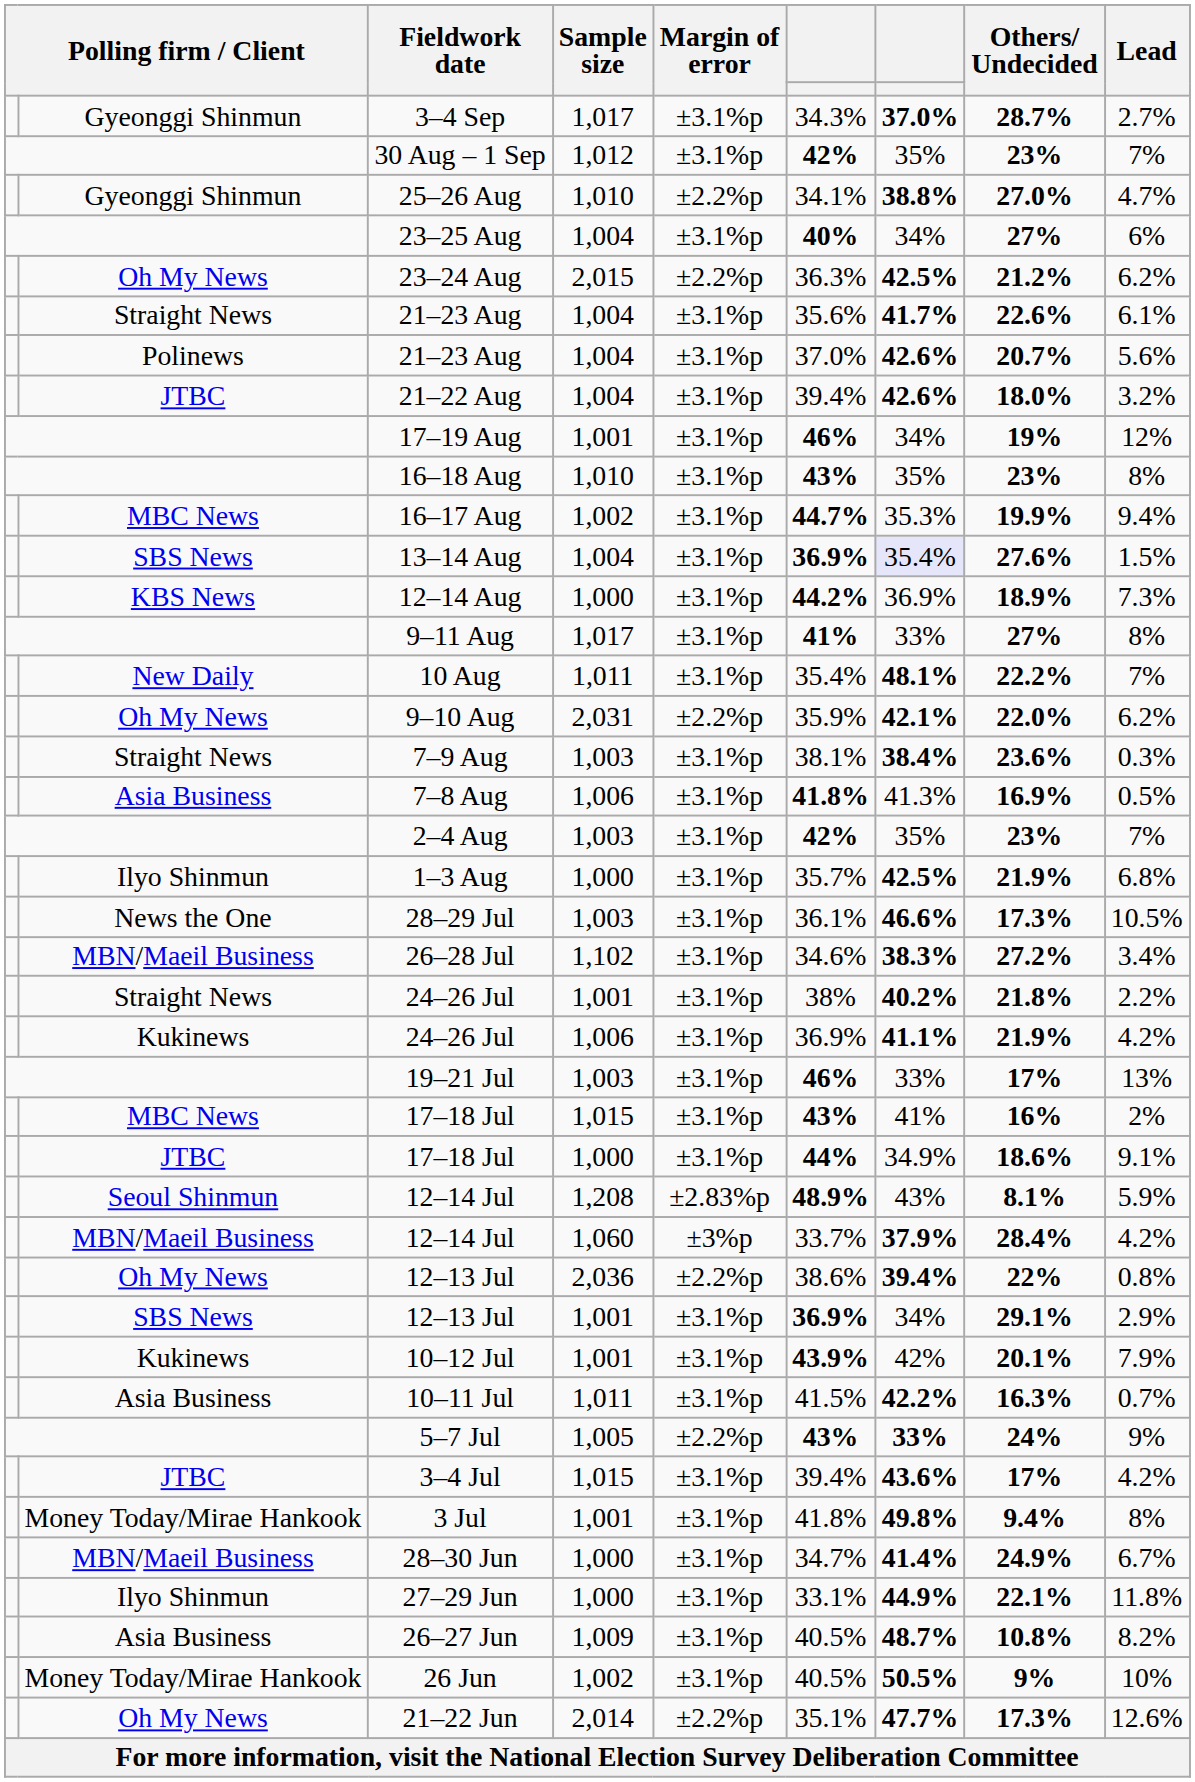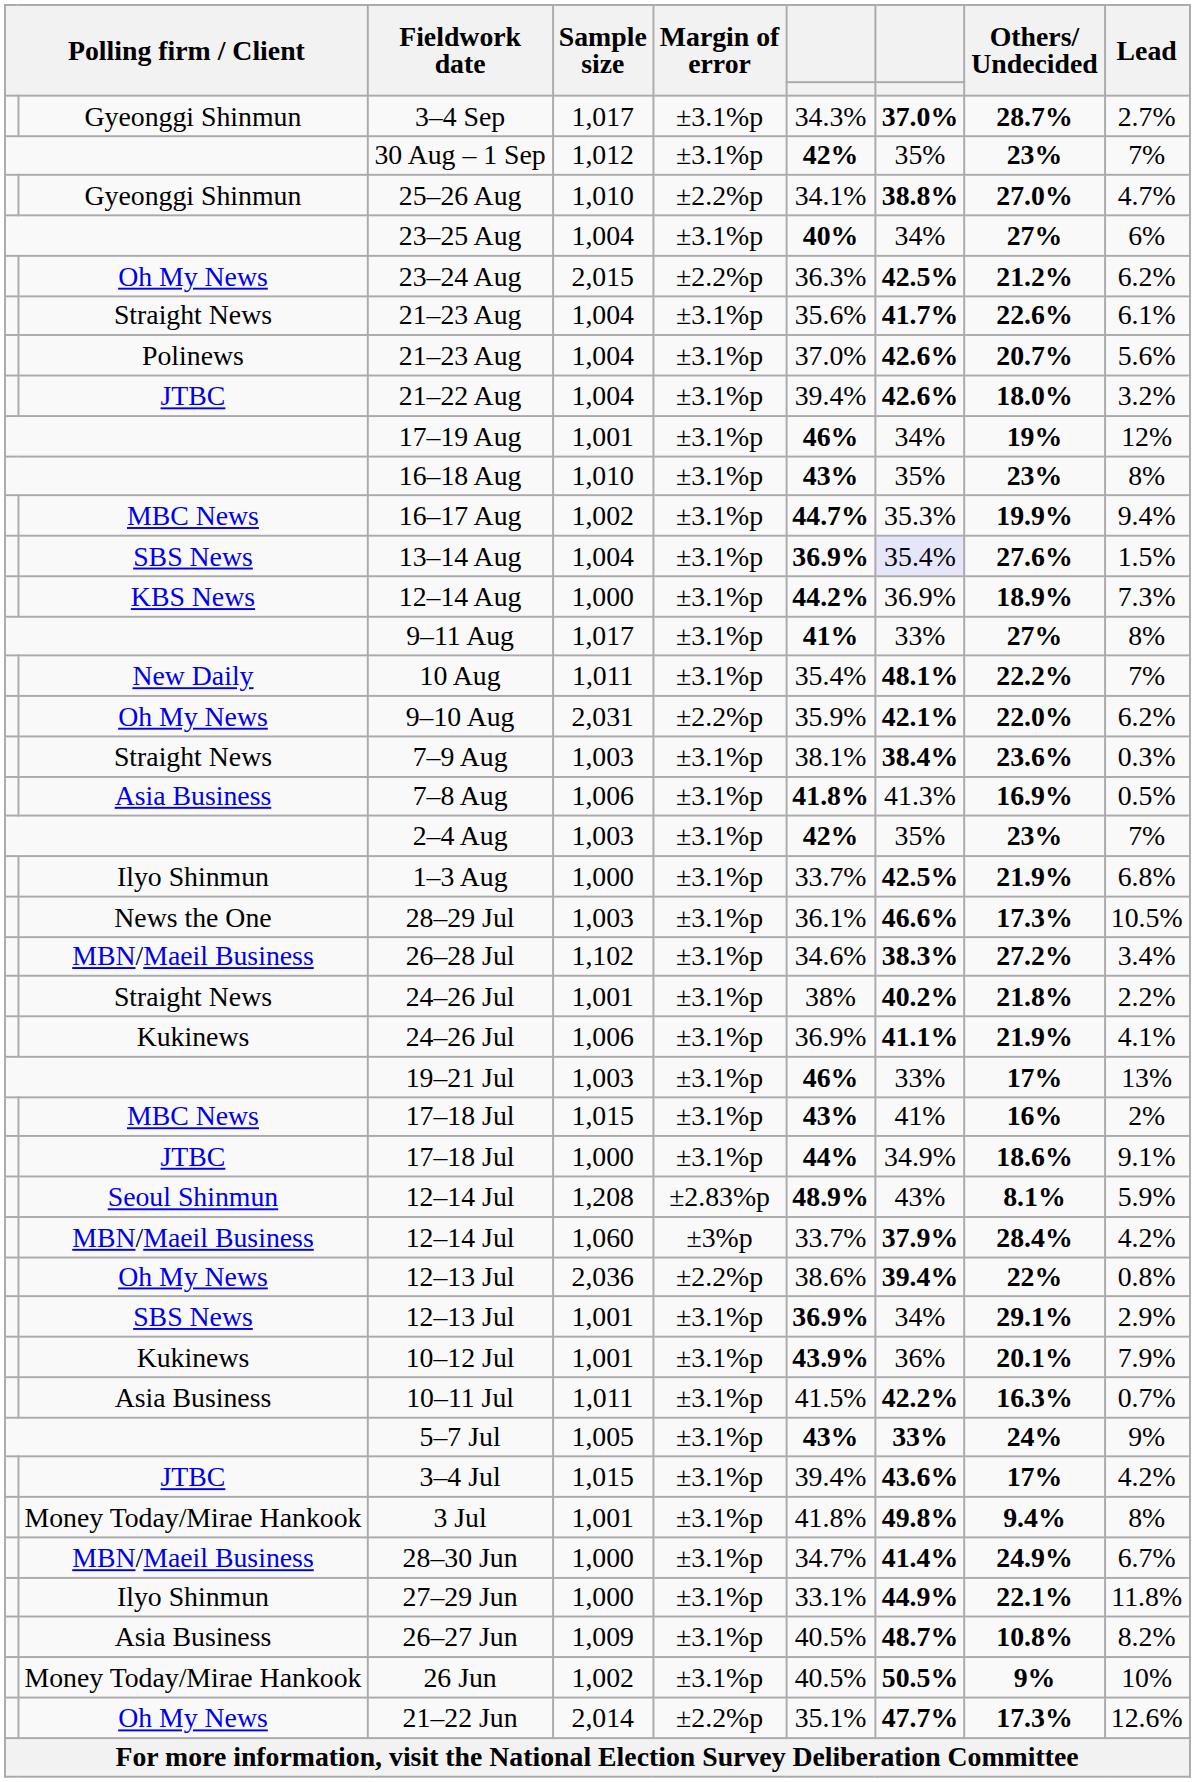 <table class="wikitable sortable mw-collapsible" style="text-align:center;font-size:90%;line-height:14px;">
 <tr style="height:40px;">
 <th rowspan="2" colspan="2" class="unsortable">Polling firm / Client</th>
 <th rowspan="2" class="unsortable">Fieldwork <br> date</th>
 <th rowspan="2" class="unsortable">Sample <br> size</th>
 <th rowspan="2" class="unsortable">Margin of <br> error</th>
 <th></th>
 <th></th>
 <th rowspan="2">Others/<br>Undecided</th>
 <th rowspan="2">Lead</th>
 </tr>
 <tr>
 <th class="unsortable" style="background-color: "></th>
 <th class="unsortable" style="background-color: "></th>
 </tr>
 <tr>
 <td style="text-align:center"></td>
 <td style="text-align:center">Gyeonggi Shinmun</td>
 <td style="text-align:center">3–4 Sep</td>
 <td style="text-align:center">1,017</td>
 <td style="text-align:center">±3.1%p</td>
 <td style="text-align:center">34.3%</td>
 <td><strong>37.0%</strong></td>
 <td><strong>28.7%</strong></td>
 <td style="background:">2.7%</td>
 </tr>
 <tr>
 <td colspan="2" style="text-align:center"></td>
 <td style="text-align:center">30 Aug – 1 Sep</td>
 <td style="text-align:center">1,012</td>
 <td style="text-align:center">±3.1%p</td>
 <td><strong>42%</strong></td>
 <td style="text-align:center">35%</td>
 <td><strong>23%</strong></td>
 <td style="background:">7%</td>
 </tr>
 <tr>
 <td style="text-align:center"></td>
 <td style="text-align:center">Gyeonggi Shinmun</td>
 <td style="text-align:center">25–26 Aug</td>
 <td style="text-align:center">1,010</td>
 <td style="text-align:center">±2.2%p</td>
 <td style="text-align:center">34.1%</td>
 <td><strong>38.8%</strong></td>
 <td><strong>27.0%</strong></td>
 <td style="background:">4.7%</td>
 </tr>
 <tr>
 <td colspan="2" style="text-align:center"></td>
 <td style="text-align:center">23–25 Aug</td>
 <td style="text-align:center">1,004</td>
 <td style="text-align:center">±3.1%p</td>
 <td><strong>40%</strong></td>
 <td style="text-align:center">34%</td>
 <td><strong>27%</strong></td>
 <td style="background:">6%</td>
 </tr>
 <tr>
 <td style="text-align:center"></td>
 <td style="text-align:center"><a href='#'>Oh My News</a></td>
 <td style="text-align:center">23–24 Aug</td>
 <td style="text-align:center">2,015</td>
 <td style="text-align:center">±2.2%p</td>
 <td style="text-align:center">36.3%</td>
 <td><strong>42.5%</strong></td>
 <td><strong>21.2%</strong></td>
 <td style="background:">6.2%</td>
 </tr>
 <tr>
 <td style="text-align:center"></td>
 <td style="text-align:center">Straight News</td>
 <td style="text-align:center">21–23 Aug</td>
 <td style="text-align:center">1,004</td>
 <td style="text-align:center">±3.1%p</td>
 <td style="text-align:center">35.6%</td>
 <td><strong>41.7%</strong></td>
 <td><strong>22.6%</strong></td>
 <td style="background:">6.1%</td>
 </tr>
 <tr>
 <td style="text-align:center"></td>
 <td style="text-align:center">Polinews</td>
 <td style="text-align:center">21–23 Aug</td>
 <td style="text-align:center">1,004</td>
 <td style="text-align:center">±3.1%p</td>
 <td style="text-align:center">37.0%</td>
 <td><strong>42.6%</strong></td>
 <td><strong>20.7%</strong></td>
 <td style="background:">5.6%</td>
 </tr>
 <tr>
 <td style="text-align:center"></td>
 <td style="text-align:center"><a href='#'>JTBC</a></td>
 <td style="text-align:center">21–22 Aug</td>
 <td style="text-align:center">1,004</td>
 <td style="text-align:center">±3.1%p</td>
 <td style="text-align:center">39.4%</td>
 <td><strong>42.6%</strong></td>
 <td><strong>18.0%</strong></td>
 <td style="background:">3.2%</td>
 </tr>
 <tr>
 <td class="unsortable" colspan="2" style="text-align:center"></td>
 <td style="text-align:center">17–19 Aug</td>
 <td style="text-align:center">1,001</td>
 <td style="text-align:center">±3.1%p</td>
 <td><strong>46%</strong></td>
 <td style="text-align:center">34%</td>
 <td><strong>19%</strong></td>
 <td style="background:">12%</td>
 </tr>
 <tr>
 <td class="unsortable" colspan="2" style="text-align:center"></td>
 <td style="text-align:center">16–18 Aug</td>
 <td style="text-align:center">1,010</td>
 <td style="text-align:center">±3.1%p</td>
 <td><strong>43%</strong></td>
 <td style="text-align:center">35%</td>
 <td><strong>23%</strong></td>
 <td style="background:">8%</td>
 </tr>
 <tr>
 <td style="text-align:center"></td>
 <td style="text-align:center"><a href='#'>MBC News</a></td>
 <td style="text-align:center">16–17 Aug</td>
 <td style="text-align:center">1,002</td>
 <td style="text-align:center">±3.1%p</td>
 <td><strong>44.7%</strong></td>
 <td style="text-align:center">35.3%</td>
 <td><strong>19.9%</strong></td>
 <td style="background:">9.4%</td>
 </tr>
 <tr>
 <td style="text-align:center"></td>
 <td style="text-align:center"><a href='#'>SBS News</a></td>
 <td style="text-align:center">13–14 Aug</td>
 <td style="text-align:center">1,004</td>
 <td style="text-align:center">±3.1%p</td>
 <td><strong>36.9%</strong></td>
 <td style="background: lavender; text-align:center">35.4%</td>
 <td><strong>27.6%</strong></td>
 <td style="background:">1.5%</td>
 </tr>
 <tr>
 <td style="text-align:center"></td>
 <td style="text-align:center"><a href='#'>KBS News</a></td>
 <td style="text-align:center">12–14 Aug</td>
 <td style="text-align:center">1,000</td>
 <td style="text-align:center">±3.1%p</td>
 <td><strong>44.2%</strong></td>
 <td style="text-align:center">36.9%</td>
 <td><strong>18.9%</strong></td>
 <td style="background:">7.3%</td>
 </tr>
 <tr>
 <td class="unsortable" colspan="2" style="text-align:center"></td>
 <td style="text-align:center">9–11 Aug</td>
 <td style="text-align:center">1,017</td>
 <td style="text-align:center">±3.1%p</td>
 <td><strong>41%</strong></td>
 <td style="text-align:center">33%</td>
 <td><strong>27%</strong></td>
 <td style="background:">8%</td>
 </tr>
 <tr>
 <td style="text-align:center"></td>
 <td style="text-align:center"><a href='#'>New Daily</a></td>
 <td style="text-align:center">10 Aug</td>
 <td style="text-align:center">1,011</td>
 <td style="text-align:center">±3.1%p</td>
 <td style="text-align:center">35.4%</td>
 <td><strong>48.1%</strong></td>
 <td><strong>22.2%</strong></td>
 <td style="background:">7%</td>
 </tr>
 <tr>
 <td style="text-align:center"></td>
 <td style="text-align:center"><a href='#'>Oh My News</a></td>
 <td style="text-align:center">9–10 Aug</td>
 <td style="text-align:center">2,031</td>
 <td style="text-align:center">±2.2%p</td>
 <td style="text-align:center">35.9%</td>
 <td><strong>42.1%</strong></td>
 <td><strong>22.0%</strong></td>
 <td style="background:">6.2%</td>
 </tr>
 <tr>
 <td style="text-align:center"></td>
 <td style="text-align:center">Straight News</td>
 <td style="text-align:center">7–9 Aug</td>
 <td style="text-align:center">1,003</td>
 <td style="text-align:center">±3.1%p</td>
 <td style="text-align:center">38.1%</td>
 <td><strong>38.4%</strong></td>
 <td><strong>23.6%</strong></td>
 <td style="background:">0.3%</td>
 </tr>
 <tr>
 <td style="text-align:center"></td>
 <td style="text-align:center"><a href='#'>Asia Business</a></td>
 <td style="text-align:center">7–8 Aug</td>
 <td style="text-align:center">1,006</td>
 <td style="text-align:center">±3.1%p</td>
 <td><strong>41.8%</strong></td>
 <td style="text-align:center">41.3%</td>
 <td><strong>16.9%</strong></td>
 <td style="background:">0.5%</td>
 </tr>
 <tr>
 <td class="unsortable" colspan="2" style="text-align:center"></td>
 <td style="text-align:center">2–4 Aug</td>
 <td style="text-align:center">1,003</td>
 <td style="text-align:center">±3.1%p</td>
 <td><strong>42%</strong></td>
 <td style="text-align:center">35%</td>
 <td><strong>23%</strong></td>
 <td style="background:">7%</td>
 </tr>
 <tr>
 <td style="text-align:center"></td>
 <td style="text-align:center">Ilyo Shinmun</td>
 <td style="text-align:center">1–3 Aug</td>
 <td style="text-align:center">1,000</td>
 <td style="text-align:center">±3.1%p</td>
-<td style="text-align:center">35.7%</td>
+<td style="text-align:center">33.7%</td>
 <td><strong>42.5%</strong></td>
 <td><strong>21.9%</strong></td>
 <td style="background:">6.8%</td>
 </tr>
 <tr>
 <td style="text-align:center"></td>
 <td style="text-align:center">News the One</td>
 <td style="text-align:center">28–29 Jul</td>
 <td style="text-align:center">1,003</td>
 <td style="text-align:center">±3.1%p</td>
 <td style="text-align:center">36.1%</td>
 <td><strong>46.6%</strong></td>
 <td><strong>17.3%</strong></td>
 <td style="background:">10.5%</td>
 </tr>
 <tr>
 <td style="text-align:center"></td>
 <td style="text-align:center"><a href='#'>MBN</a>/<a href='#'>Maeil Business</a></td>
 <td style="text-align:center">26–28 Jul</td>
 <td style="text-align:center">1,102</td>
 <td style="text-align:center">±3.1%p</td>
 <td style="text-align:center">34.6%</td>
 <td><strong>38.3%</strong></td>
 <td><strong>27.2%</strong></td>
 <td style="background:">3.4%</td>
 </tr>
 <tr>
 <td style="text-align:center"></td>
 <td style="text-align:center">Straight News</td>
 <td style="text-align:center">24–26 Jul</td>
 <td style="text-align:center">1,001</td>
 <td style="text-align:center">±3.1%p</td>
 <td style="text-align:center">38%</td>
 <td><strong>40.2%</strong></td>
 <td><strong>21.8%</strong></td>
 <td style="background:">2.2%</td>
 </tr>
 <tr>
 <td style="text-align:center"></td>
 <td style="text-align:center">Kukinews</td>
 <td style="text-align:center">24–26 Jul</td>
 <td style="text-align:center">1,006</td>
 <td style="text-align:center">±3.1%p</td>
 <td style="text-align:center">36.9%</td>
 <td><strong>41.1%</strong></td>
 <td><strong>21.9%</strong></td>
-<td style="background:">4.2%</td>
+<td style="background:">4.1%</td>
 </tr>
 <tr>
 <td class="unsortable" colspan="2" style="text-align:center"></td>
 <td style="text-align:center">19–21 Jul</td>
 <td style="text-align:center">1,003</td>
 <td style="text-align:center">±3.1%p</td>
 <td><strong>46%</strong></td>
 <td style="text-align:center">33%</td>
 <td><strong>17%</strong></td>
 <td style="background:">13%</td>
 </tr>
 <tr>
 <td style="text-align:center"></td>
 <td style="text-align:center"><a href='#'>MBC News</a></td>
 <td style="text-align:center">17–18 Jul</td>
 <td style="text-align:center">1,015</td>
 <td style="text-align:center">±3.1%p</td>
 <td><strong>43%</strong></td>
 <td style="text-align:center">41%</td>
 <td><strong>16%</strong></td>
 <td style="background:">2%</td>
 </tr>
 <tr>
 <td style="text-align:center"></td>
 <td style="text-align:center"><a href='#'>JTBC</a></td>
 <td style="text-align:center">17–18 Jul</td>
 <td style="text-align:center">1,000</td>
 <td style="text-align:center">±3.1%p</td>
 <td><strong>44%</strong></td>
 <td style="text-align:center">34.9%</td>
 <td><strong>18.6%</strong></td>
 <td style="background:">9.1%</td>
 </tr>
 <tr>
 <td style="text-align:center"></td>
 <td style="text-align:center"><a href='#'>Seoul Shinmun</a></td>
 <td style="text-align:center">12–14 Jul</td>
 <td style="text-align:center">1,208</td>
 <td style="text-align:center">±2.83%p</td>
 <td><strong>48.9%</strong></td>
 <td style="text-align:center">43%</td>
 <td><strong>8.1%</strong></td>
 <td style="background:">5.9%</td>
 </tr>
 <tr>
 <td style="text-align:center"></td>
 <td style="text-align:center"><a href='#'>MBN</a>/<a href='#'>Maeil Business</a></td>
 <td style="text-align:center">12–14 Jul</td>
 <td style="text-align:center">1,060</td>
 <td style="text-align:center">±3%p</td>
 <td style="text-align:center">33.7%</td>
 <td><strong>37.9%</strong></td>
 <td><strong>28.4%</strong></td>
 <td style="background:">4.2%</td>
 </tr>
 <tr>
 <td style="text-align:center"></td>
 <td style="text-align:center"><a href='#'>Oh My News</a></td>
 <td style="text-align:center">12–13 Jul</td>
 <td style="text-align:center">2,036</td>
 <td style="text-align:center">±2.2%p</td>
 <td style="text-align:center">38.6%</td>
 <td><strong>39.4%</strong></td>
 <td><strong>22%</strong></td>
 <td style="background:">0.8%</td>
 </tr>
 <tr>
 <td style="text-align:center"></td>
 <td style="text-align:center"><a href='#'>SBS News</a></td>
 <td style="text-align:center">12–13 Jul</td>
 <td style="text-align:center">1,001</td>
 <td style="text-align:center">±3.1%p</td>
 <td><strong>36.9%</strong></td>
 <td style="text-align:center">34%</td>
 <td><strong>29.1%</strong></td>
 <td style="background:">2.9%</td>
 </tr>
 <tr>
 <td style="text-align:center"></td>
 <td style="text-align:center">Kukinews</td>
 <td style="text-align:center">10–12 Jul</td>
 <td style="text-align:center">1,001</td>
 <td style="text-align:center">±3.1%p</td>
 <td><strong>43.9%</strong></td>
-<td style="text-align:center">42%</td>
+<td style="text-align:center">36%</td>
 <td><strong>20.1%</strong></td>
 <td style="background:">7.9%</td>
 </tr>
 <tr>
 <td style="text-align:center"></td>
 <td style="text-align:center">Asia Business</td>
 <td style="text-align:center">10–11 Jul</td>
 <td style="text-align:center">1,011</td>
 <td style="text-align:center">±3.1%p</td>
 <td style="text-align:center">41.5%</td>
 <td><strong>42.2%</strong></td>
 <td><strong>16.3%</strong></td>
 <td style="background:">0.7%</td>
 </tr>
 <tr>
 <td colspan="2" style="text-align:center"></td>
 <td style="text-align:center">5–7 Jul</td>
 <td style="text-align:center">1,005</td>
-<td style="text-align:center">±2.2%p</td>
+<td style="text-align:center">±3.1%p</td>
 <td><strong>43%</strong></td>
 <td style="text-align:center"><strong>33%</strong></td>
 <td><strong>24%</strong></td>
 <td style="background:">9%</td>
 </tr>
 <tr>
 <td style="text-align:center"></td>
 <td style="text-align:center"><a href='#'>JTBC</a></td>
 <td style="text-align:center">3–4 Jul</td>
 <td style="text-align:center">1,015</td>
 <td style="text-align:center">±3.1%p</td>
 <td style="text-align:center">39.4%</td>
 <td><strong>43.6%</strong></td>
 <td><strong>17%</strong></td>
 <td style="background:">4.2%</td>
 </tr>
 <tr>
 <td style="text-align:center"></td>
 <td style="text-align:center">Money Today/Mirae Hankook</td>
 <td style="text-align:center">3 Jul</td>
 <td style="text-align:center">1,001</td>
 <td style="text-align:center">±3.1%p</td>
 <td style="text-align:center">41.8%</td>
 <td><strong>49.8%</strong></td>
 <td><strong>9.4%</strong></td>
 <td style="background:">8%</td>
 </tr>
 <tr>
 <td style="text-align:center"></td>
 <td style="text-align:center"><a href='#'>MBN</a>/<a href='#'>Maeil Business</a></td>
 <td style="text-align:center">28–30 Jun</td>
 <td style="text-align:center">1,000</td>
 <td style="text-align:center">±3.1%p</td>
 <td style="text-align:center">34.7%</td>
 <td><strong>41.4%</strong></td>
 <td><strong>24.9%</strong></td>
 <td style="background:">6.7%</td>
 </tr>
 <tr>
 <td style="text-align:center"></td>
 <td style="text-align:center">Ilyo Shinmun</td>
 <td style="text-align:center">27–29 Jun</td>
 <td style="text-align:center">1,000</td>
 <td style="text-align:center">±3.1%p</td>
 <td style="text-align:center">33.1%</td>
 <td><strong>44.9%</strong></td>
 <td><strong>22.1%</strong></td>
 <td style="background:">11.8%</td>
 </tr>
 <tr>
 <td style="text-align:center"></td>
 <td style="text-align:center">Asia Business</td>
 <td style="text-align:center">26–27 Jun</td>
 <td style="text-align:center">1,009</td>
 <td style="text-align:center">±3.1%p</td>
 <td style="text-align:center">40.5%</td>
 <td><strong>48.7%</strong></td>
 <td><strong>10.8%</strong></td>
 <td style="background:">8.2%</td>
 </tr>
 <tr>
 <td style="text-align:center"></td>
 <td style="text-align:center">Money Today/Mirae Hankook</td>
 <td style="text-align:center">26 Jun</td>
 <td style="text-align:center">1,002</td>
 <td style="text-align:center">±3.1%p</td>
 <td style="text-align:center">40.5%</td>
 <td><strong>50.5%</strong></td>
 <td><strong>9%</strong></td>
 <td style="background:">10%</td>
 </tr>
 <tr>
 <td style="text-align:center"></td>
 <td style="text-align:center"><a href='#'>Oh My News</a></td>
 <td style="text-align:center">21–22 Jun</td>
 <td style="text-align:center">2,014</td>
 <td style="text-align:center">±2.2%p</td>
 <td style="text-align:center">35.1%</td>
 <td><strong>47.7%</strong></td>
 <td><strong>17.3%</strong></td>
 <td style="background:">12.6%</td>
 </tr>
 <tr>
 <th colspan="9">For more information, visit the National Election Survey Deliberation Committee</th>
 </tr>
 </table>
